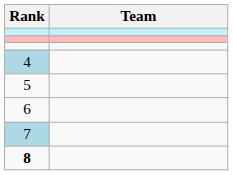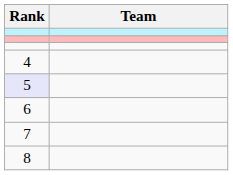 <table class="wikitable" style="text-align:center">
 <tr>
 <th width=40>Rank</th>
 <th width=180>Team</th>
 </tr>
 <tr bgcolor=#BBF3FF>
 <td></td>
 <td align=left></td>
 </tr>
 <tr bgcolor=#FFBBBB>
 <td></td>
 <td align=left></td>
 </tr>
 <tr>
 <td></td>
 <td align=left></td>
 </tr>
 <tr>
-<td style="background: lightblue;">4</td>
+<td>4</td>
 <td align=left></td>
 </tr>
 <tr>
-<td>5</td>
+<td style="background: lavender;">5</td>
 <td align=left></td>
 </tr>
 <tr>
 <td>6</td>
 <td align=left></td>
 </tr>
 <tr>
-<td style="background: lightblue;">7</td>
+<td>7</td>
 <td align=left></td>
 </tr>
 <tr>
-<td><strong>8</strong></td>
+<td>8</td>
 <td align=left></td>
 </tr>
 </table>
